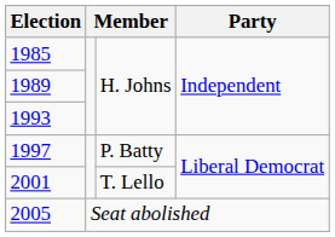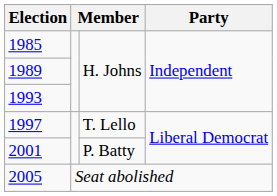 <table class="wikitable">
 <tr>
 <th>Election</th>
 <th colspan="2">Member</th>
 <th>Party</th>
 </tr>
 <tr>
 <td><a href='#'>1985</a></td>
 <td rowspan="3" style="background-color: "></td>
 <td rowspan="3">H. Johns</td>
 <td rowspan="3"><a href='#'>Independent</a></td>
 </tr>
 <tr>
 <td><a href='#'>1989</a></td>
 </tr>
 <tr>
 <td><a href='#'>1993</a></td>
 </tr>
 <tr>
 <td><a href='#'>1997</a></td>
 <td rowspan="2" style="background-color: "></td>
-<td rowspan="1">P. Batty</td>
+<td rowspan="1">T. Lello</td>
 <td rowspan="2"><a href='#'>Liberal Democrat</a></td>
 </tr>
 <tr>
 <td><a href='#'>2001</a></td>
-<td rowspan="1">T. Lello</td>
+<td rowspan="1">P. Batty</td>
 </tr>
 <tr>
 <td><a href='#'>2005</a></td>
 <td colspan="3"><em>Seat abolished</em></td>
 </tr>
 </table>
